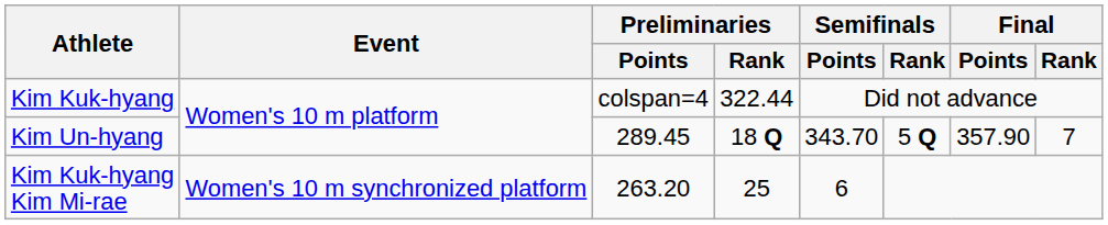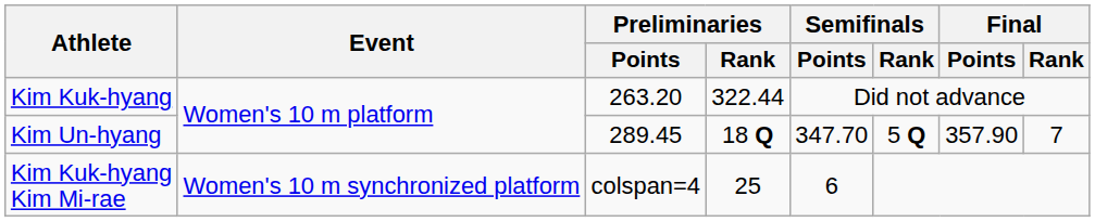 <table class=wikitable style="font-size:90%">
 <tr>
 <th rowspan="2">Athlete</th>
 <th rowspan="2">Event</th>
 <th colspan="2">Preliminaries</th>
 <th colspan="2">Semifinals</th>
 <th colspan="2">Final</th>
 </tr>
 <tr style="font-size:95%">
 <th>Points</th>
 <th>Rank</th>
 <th>Points</th>
 <th>Rank</th>
 <th>Points</th>
 <th>Rank</th>
 </tr>
 <tr align=center>
 <td align=left><a href='#'>Kim Kuk-hyang</a></td>
 <td align=left rowspan=2><a href='#'>Women's 10 m platform</a></td>
-<td>colspan=4 </td>
+<td>263.20</td>
 <td>322.44</td>
 <td colspan=4>Did not advance</td>
 </tr>
 <tr align=center>
 <td align=left><a href='#'>Kim Un-hyang</a></td>
 <td>289.45</td>
 <td>18 <strong>Q</strong></td>
-<td>343.70</td>
+<td>347.70</td>
 <td>5 <strong>Q</strong></td>
 <td>357.90</td>
 <td>7</td>
 </tr>
 <tr align=center>
 <td align=left><a href='#'>Kim Kuk-hyang</a><br><a href='#'>Kim Mi-rae</a></td>
 <td align=left><a href='#'>Women's 10 m synchronized platform</a></td>
-<td>263.20</td>
+<td>colspan=4 </td>
 <td>25</td>
 <td>6</td>
 </tr>
 </table>
